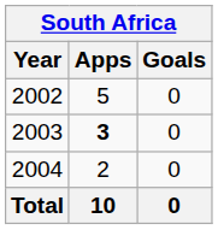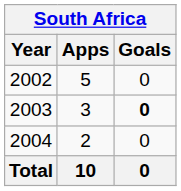 <table class="wikitable" style="text-align:center">
 <tr>
 <th colspan=3><a href='#'>South Africa</a></th>
 </tr>
 <tr>
 <th>Year</th>
 <th>Apps</th>
 <th>Goals</th>
 </tr>
 <tr>
 <td>2002</td>
 <td>5</td>
 <td>0</td>
 </tr>
 <tr>
 <td>2003</td>
-<td><strong>3</strong></td>
-<td>0</td>
+<td>3</td>
+<td><strong>0</strong></td>
 </tr>
 <tr>
 <td>2004</td>
 <td>2</td>
 <td>0</td>
 </tr>
 <tr>
 <th>Total</th>
 <th>10</th>
 <th>0</th>
 </tr>
 </table>
